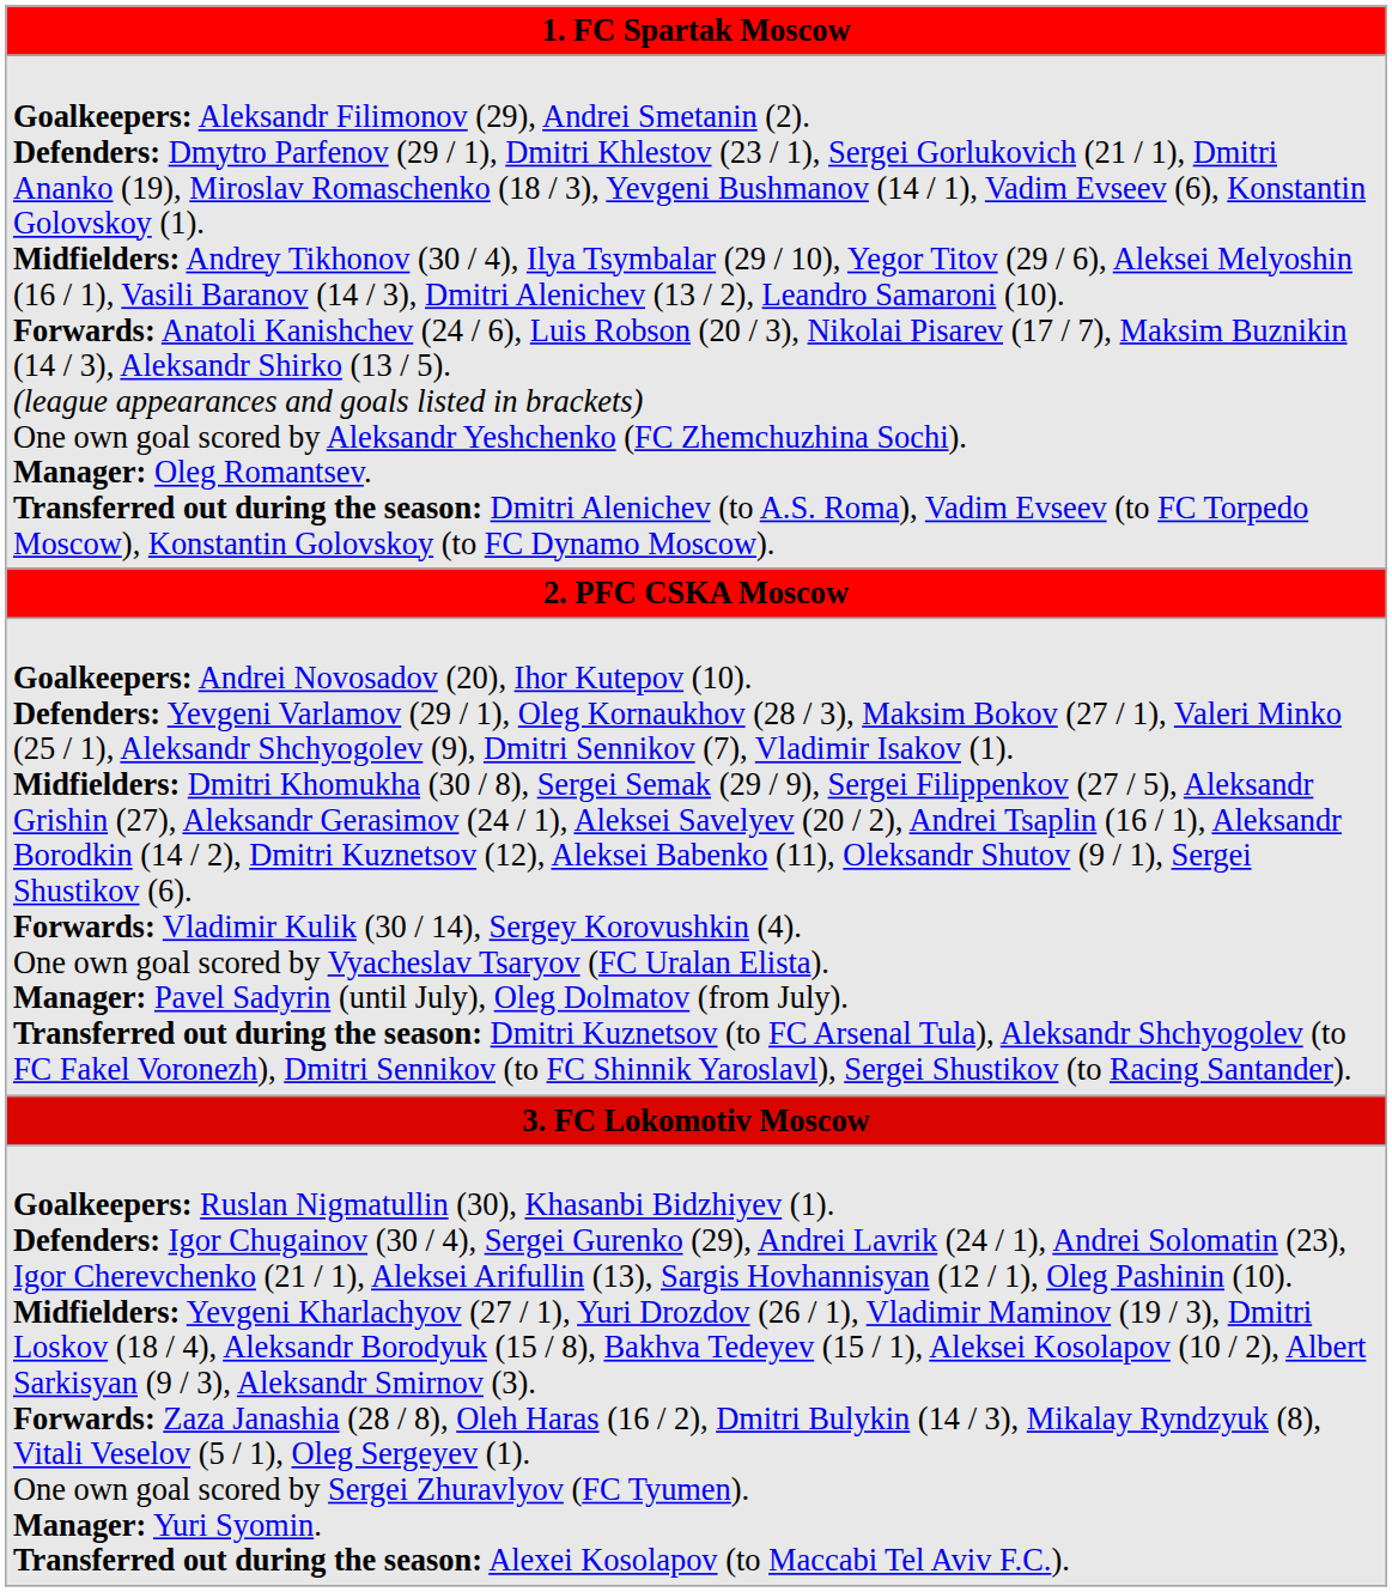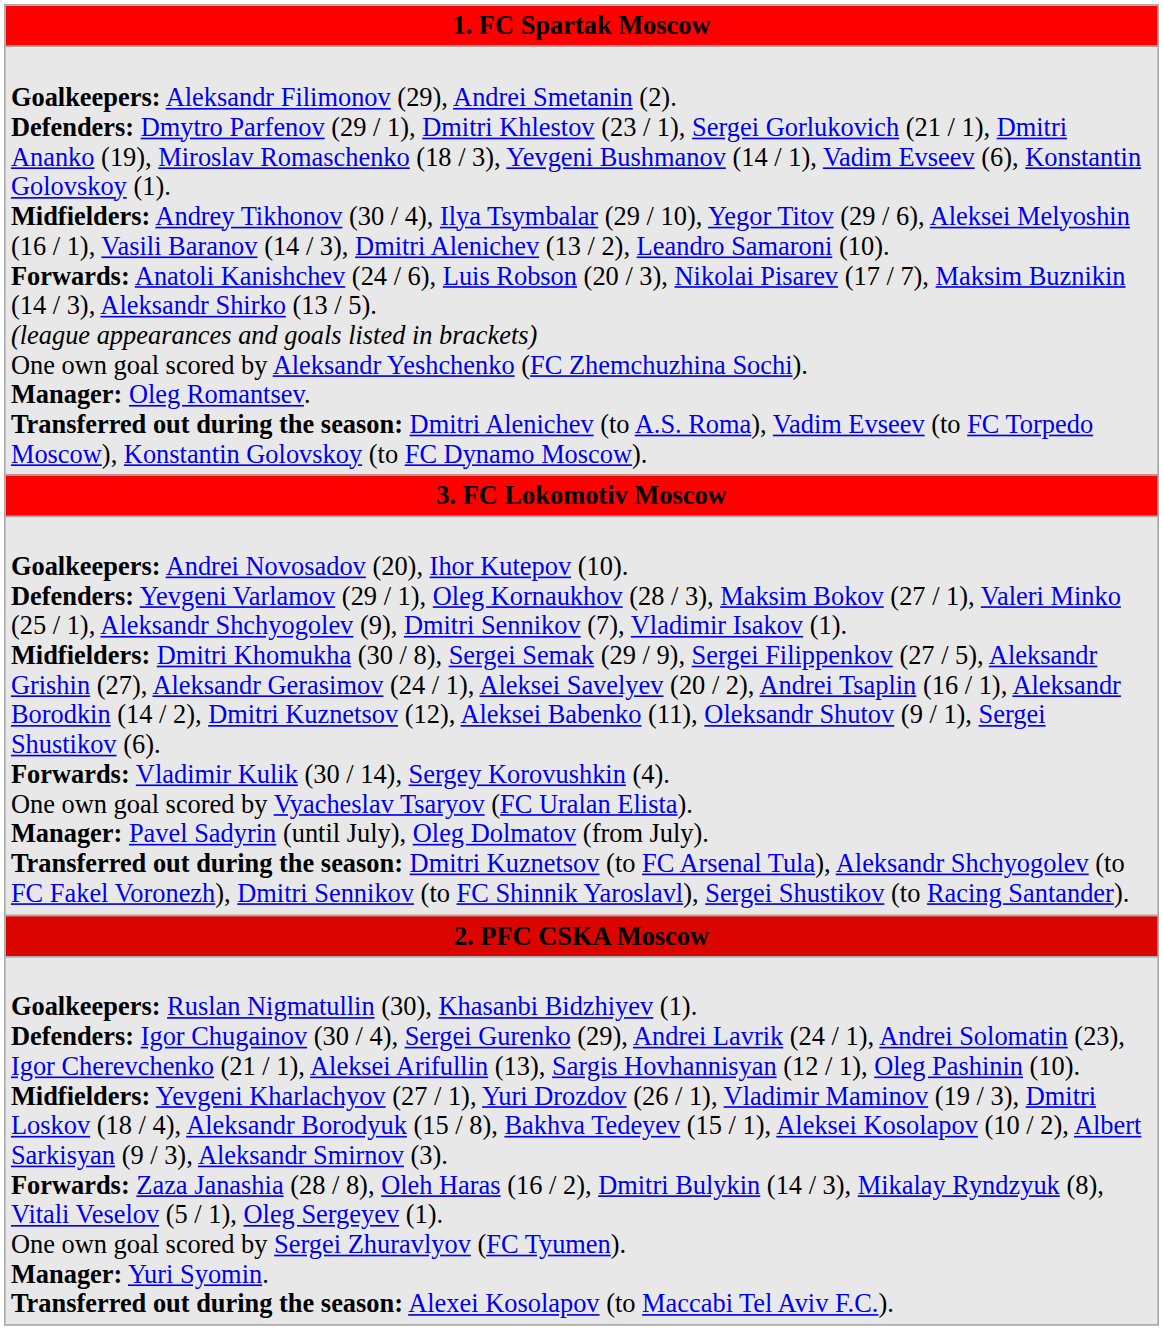 <table class="wikitable" Width="700">
 <tr bgcolor="#FF0000">
 <td align="center" width="700"><span> <strong>1. FC Spartak Moscow</strong> </span></td>
 </tr>
 <tr bgcolor="#E8E8E8">
 <td align="left" width="700"><br><strong>Goalkeepers:</strong> <a href='#'>Aleksandr Filimonov</a> (29), <a href='#'>Andrei Smetanin</a> (2).<br> <strong>Defenders:</strong> <a href='#'>Dmytro Parfenov</a>  (29 / 1), <a href='#'>Dmitri Khlestov</a> (23 / 1), <a href='#'>Sergei Gorlukovich</a> (21 / 1), <a href='#'>Dmitri Ananko</a> (19), <a href='#'>Miroslav Romaschenko</a>  (18 / 3), <a href='#'>Yevgeni Bushmanov</a> (14 / 1), <a href='#'>Vadim Evseev</a> (6), <a href='#'>Konstantin Golovskoy</a> (1).<br> <strong>Midfielders:</strong> <a href='#'>Andrey Tikhonov</a> (30 / 4), <a href='#'>Ilya Tsymbalar</a> (29 / 10), <a href='#'>Yegor Titov</a> (29 / 6), <a href='#'>Aleksei Melyoshin</a> (16 / 1), <a href='#'>Vasili Baranov</a>  (14 / 3), <a href='#'>Dmitri Alenichev</a> (13 / 2), <a href='#'>Leandro Samaroni</a>  (10).<br> <strong>Forwards:</strong> <a href='#'>Anatoli Kanishchev</a> (24 / 6), <a href='#'>Luis Robson</a>  (20 / 3), <a href='#'>Nikolai Pisarev</a> (17 / 7), <a href='#'>Maksim Buznikin</a> (14 / 3), <a href='#'>Aleksandr Shirko</a> (13 / 5).<br><em>(league appearances and goals listed in brackets)</em><br>One own goal scored by <a href='#'>Aleksandr Yeshchenko</a> (<a href='#'>FC Zhemchuzhina Sochi</a>).<br><strong>Manager:</strong> <a href='#'>Oleg Romantsev</a>.<br><strong>Transferred out during the season:</strong> <a href='#'>Dmitri Alenichev</a> (to  <a href='#'>A.S. Roma</a>), <a href='#'>Vadim Evseev</a> (to <a href='#'>FC Torpedo Moscow</a>), <a href='#'>Konstantin Golovskoy</a> (to <a href='#'>FC Dynamo Moscow</a>).</td>
 </tr>
 <tr bgcolor="#FF0000">
-<td align="center" width="700"><span> <strong>2. PFC CSKA Moscow</strong> </span></td>
+<td align="center" width="700"><span> <strong>3. FC Lokomotiv Moscow</strong> </span></td>
 </tr>
 <tr bgcolor="#E8E8E8">
 <td align="left" width="700"><br><strong>Goalkeepers:</strong> <a href='#'>Andrei Novosadov</a> (20), <a href='#'>Ihor Kutepov</a>  (10).<br> <strong>Defenders:</strong> <a href='#'>Yevgeni Varlamov</a> (29 / 1), <a href='#'>Oleg Kornaukhov</a> (28 / 3), <a href='#'>Maksim Bokov</a> (27 / 1), <a href='#'>Valeri Minko</a> (25 / 1), <a href='#'>Aleksandr Shchyogolev</a> (9), <a href='#'>Dmitri Sennikov</a> (7), <a href='#'>Vladimir Isakov</a> (1).<br> <strong>Midfielders:</strong> <a href='#'>Dmitri Khomukha</a>  (30 / 8), <a href='#'>Sergei Semak</a> (29 / 9), <a href='#'>Sergei Filippenkov</a> (27 / 5), <a href='#'>Aleksandr Grishin</a> (27), <a href='#'>Aleksandr Gerasimov</a> (24 / 1), <a href='#'>Aleksei Savelyev</a> (20 / 2), <a href='#'>Andrei Tsaplin</a> (16 / 1), <a href='#'>Aleksandr Borodkin</a> (14 / 2), <a href='#'>Dmitri Kuznetsov</a> (12), <a href='#'>Aleksei Babenko</a> (11), <a href='#'>Oleksandr Shutov</a>  (9 / 1), <a href='#'>Sergei Shustikov</a> (6).<br> <strong>Forwards:</strong> <a href='#'>Vladimir Kulik</a> (30 / 14), <a href='#'>Sergey Korovushkin</a> (4).<br>One own goal scored by <a href='#'>Vyacheslav Tsaryov</a> (<a href='#'>FC Uralan Elista</a>).<br><strong>Manager:</strong> <a href='#'>Pavel Sadyrin</a> (until July), <a href='#'>Oleg Dolmatov</a> (from July).<br><strong>Transferred out during the season:</strong> <a href='#'>Dmitri Kuznetsov</a> (to <a href='#'>FC Arsenal Tula</a>), <a href='#'>Aleksandr Shchyogolev</a> (to <a href='#'>FC Fakel Voronezh</a>), <a href='#'>Dmitri Sennikov</a> (to <a href='#'>FC Shinnik Yaroslavl</a>), <a href='#'>Sergei Shustikov</a> (to  <a href='#'>Racing Santander</a>).</td>
 </tr>
 <tr bgcolor="#DB0500">
-<td align="center" width="700"><span> <strong>3. FC Lokomotiv Moscow</strong> </span></td>
+<td align="center" width="700"><span> <strong>2. PFC CSKA Moscow</strong> </span></td>
 </tr>
 <tr bgcolor="#E8E8E8">
 <td align="left" width="700"><br><strong>Goalkeepers:</strong> <a href='#'>Ruslan Nigmatullin</a> (30), <a href='#'>Khasanbi Bidzhiyev</a> (1).<br> <strong>Defenders:</strong> <a href='#'>Igor Chugainov</a> (30 / 4), <a href='#'>Sergei Gurenko</a>  (29), <a href='#'>Andrei Lavrik</a>  (24 / 1), <a href='#'>Andrei Solomatin</a> (23), <a href='#'>Igor Cherevchenko</a>  (21 / 1), <a href='#'>Aleksei Arifullin</a> (13), <a href='#'>Sargis Hovhannisyan</a>  (12 / 1), <a href='#'>Oleg Pashinin</a>  (10).<br> <strong>Midfielders:</strong> <a href='#'>Yevgeni Kharlachyov</a> (27 / 1), <a href='#'>Yuri Drozdov</a> (26 / 1), <a href='#'>Vladimir Maminov</a>  (19 / 3), <a href='#'>Dmitri Loskov</a> (18 / 4), <a href='#'>Aleksandr Borodyuk</a> (15 / 8), <a href='#'>Bakhva Tedeyev</a> (15 / 1), <a href='#'>Aleksei Kosolapov</a> (10 / 2), <a href='#'>Albert Sarkisyan</a>  (9 / 3), <a href='#'>Aleksandr Smirnov</a> (3).<br> <strong>Forwards:</strong> <a href='#'>Zaza Janashia</a>  (28 / 8), <a href='#'>Oleh Haras</a>  (16 / 2), <a href='#'>Dmitri Bulykin</a> (14 / 3), <a href='#'>Mikalay Ryndzyuk</a>  (8), <a href='#'>Vitali Veselov</a> (5 / 1), <a href='#'>Oleg Sergeyev</a> (1).<br>One own goal scored by <a href='#'>Sergei Zhuravlyov</a> (<a href='#'>FC Tyumen</a>).<br><strong>Manager:</strong> <a href='#'>Yuri Syomin</a>.<br><strong>Transferred out during the season:</strong> <a href='#'>Alexei Kosolapov</a> (to  <a href='#'>Maccabi Tel Aviv F.C.</a>).</td>
 </tr>
 </table>
